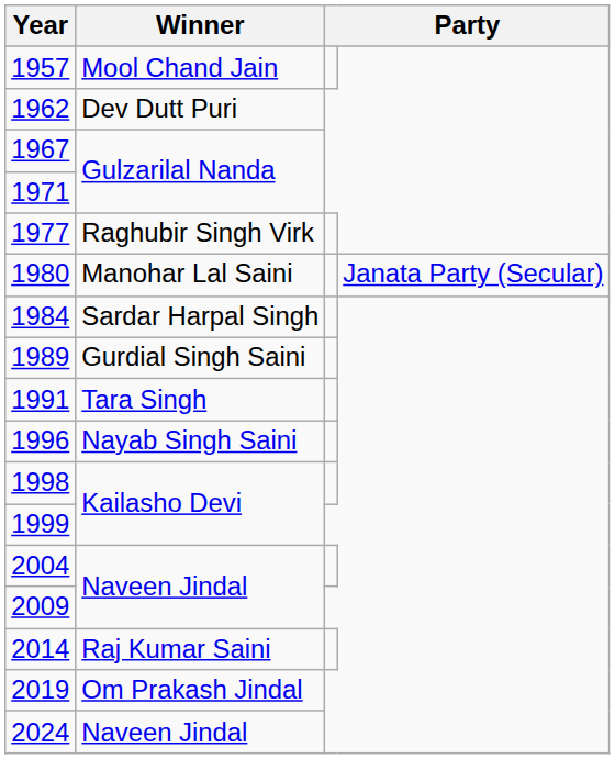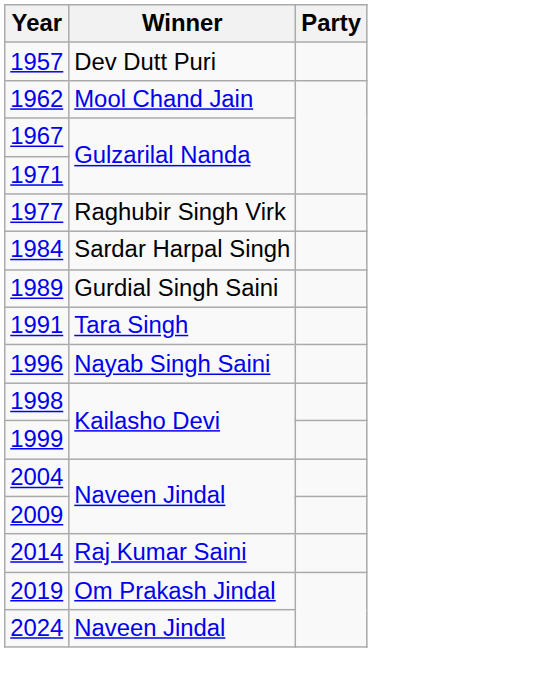 <table class="wikitable">
 <tr>
 <th>Year</th>
 <th>Winner</th>
 <th colspan="2">Party</th>
 </tr>
 <tr>
 <td><a href='#'>1957</a></td>
-<td><a href='#'>Mool Chand Jain</a></td>
+<td>Dev Dutt Puri</td>
 <td></td>
 </tr>
 <tr>
 <td><a href='#'>1962</a></td>
-<td>Dev Dutt Puri</td>
+<td><a href='#'>Mool Chand Jain</a></td>
 </tr>
 <tr>
 <td><a href='#'>1967</a></td>
 <td rowspan="2"><a href='#'>Gulzarilal Nanda</a></td>
 </tr>
 <tr>
 <td><a href='#'>1971</a></td>
 </tr>
 <tr>
 <td><a href='#'>1977</a></td>
 <td>Raghubir Singh Virk</td>
 <td></td>
-</tr>
-<tr>
-<td><a href='#'>1980</a></td>
-<td>Manohar Lal Saini</td>
-<td style="background-color: "></td>
-<td><a href='#'>Janata Party (Secular)</a></td>
 </tr>
 <tr>
 <td><a href='#'>1984</a></td>
 <td>Sardar Harpal Singh</td>
 <td></td>
 </tr>
 <tr>
 <td><a href='#'>1989</a></td>
 <td>Gurdial Singh Saini</td>
 <td></td>
 </tr>
 <tr>
 <td><a href='#'>1991</a></td>
 <td><a href='#'>Tara Singh</a></td>
 <td></td>
 </tr>
 <tr>
 <td><a href='#'>1996</a></td>
 <td><a href='#'>Nayab Singh Saini</a></td>
 <td></td>
 </tr>
 <tr>
 <td><a href='#'>1998</a></td>
 <td rowspan="2"><a href='#'>Kailasho Devi</a></td>
 <td></td>
 </tr>
 <tr>
 <td><a href='#'>1999</a></td>
 </tr>
 <tr>
 <td><a href='#'>2004</a></td>
 <td rowspan="2"><a href='#'>Naveen Jindal</a></td>
 <td></td>
 </tr>
 <tr>
 <td><a href='#'>2009</a></td>
 </tr>
 <tr>
 <td><a href='#'>2014</a></td>
 <td><a href='#'>Raj Kumar Saini</a></td>
 <td></td>
 </tr>
 <tr>
 <td><a href='#'>2019</a></td>
 <td><a href='#'>Om Prakash Jindal</a></td>
 </tr>
 <tr>
 <td><a href='#'>2024</a></td>
 <td><a href='#'>Naveen Jindal</a></td>
 </tr>
 </table>
